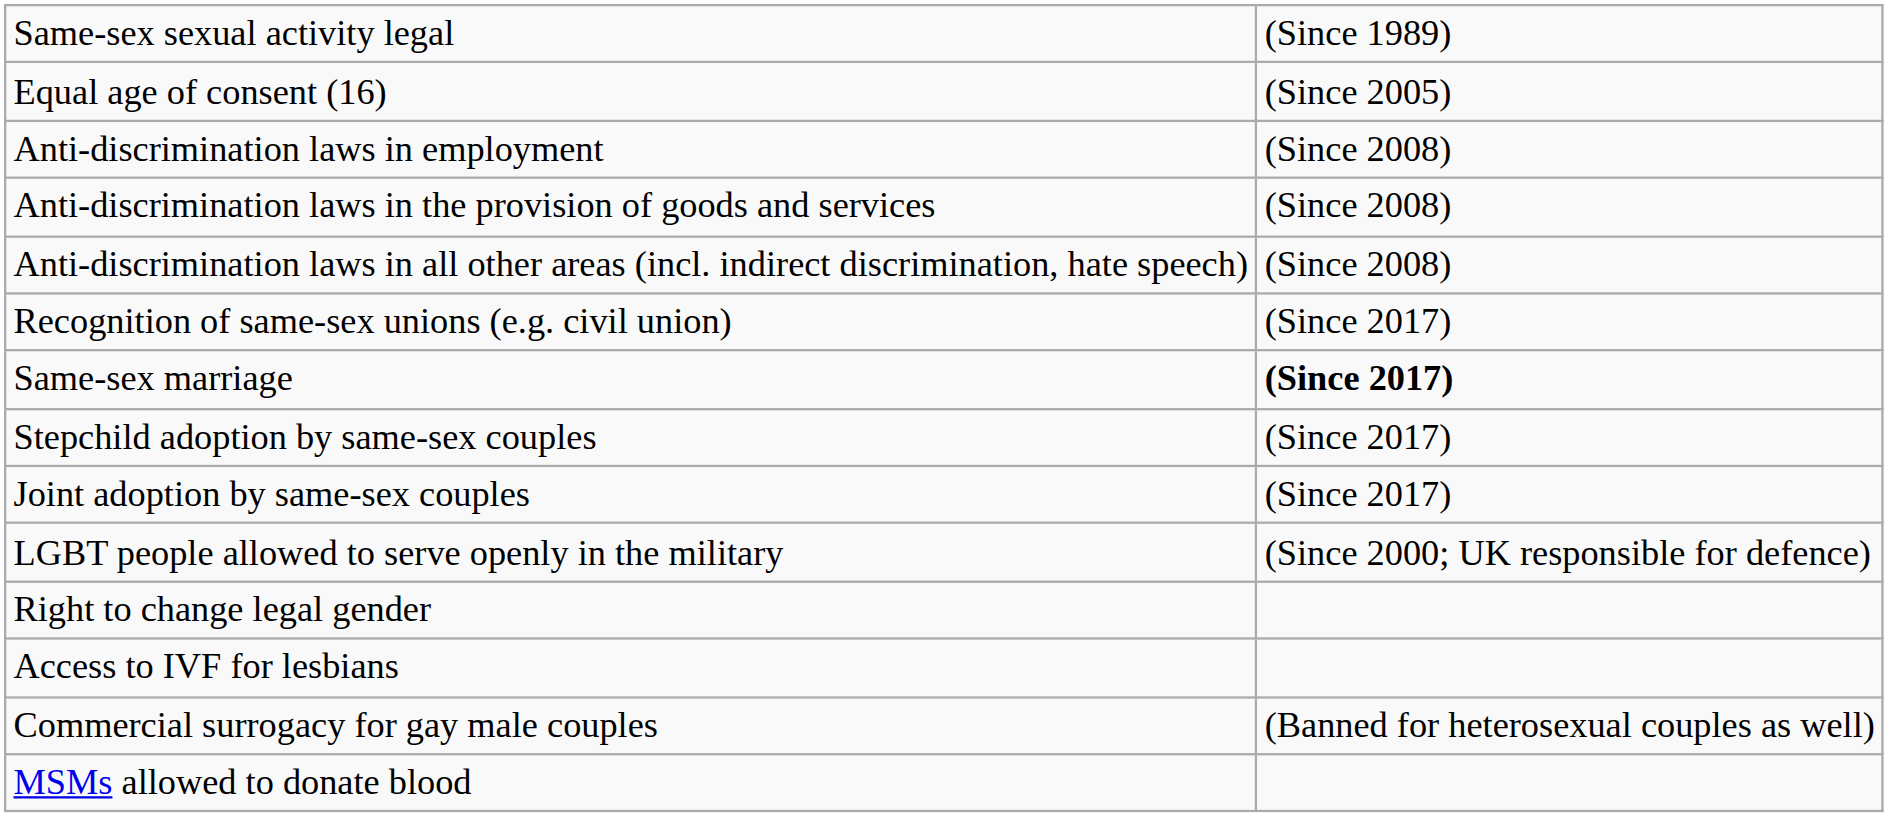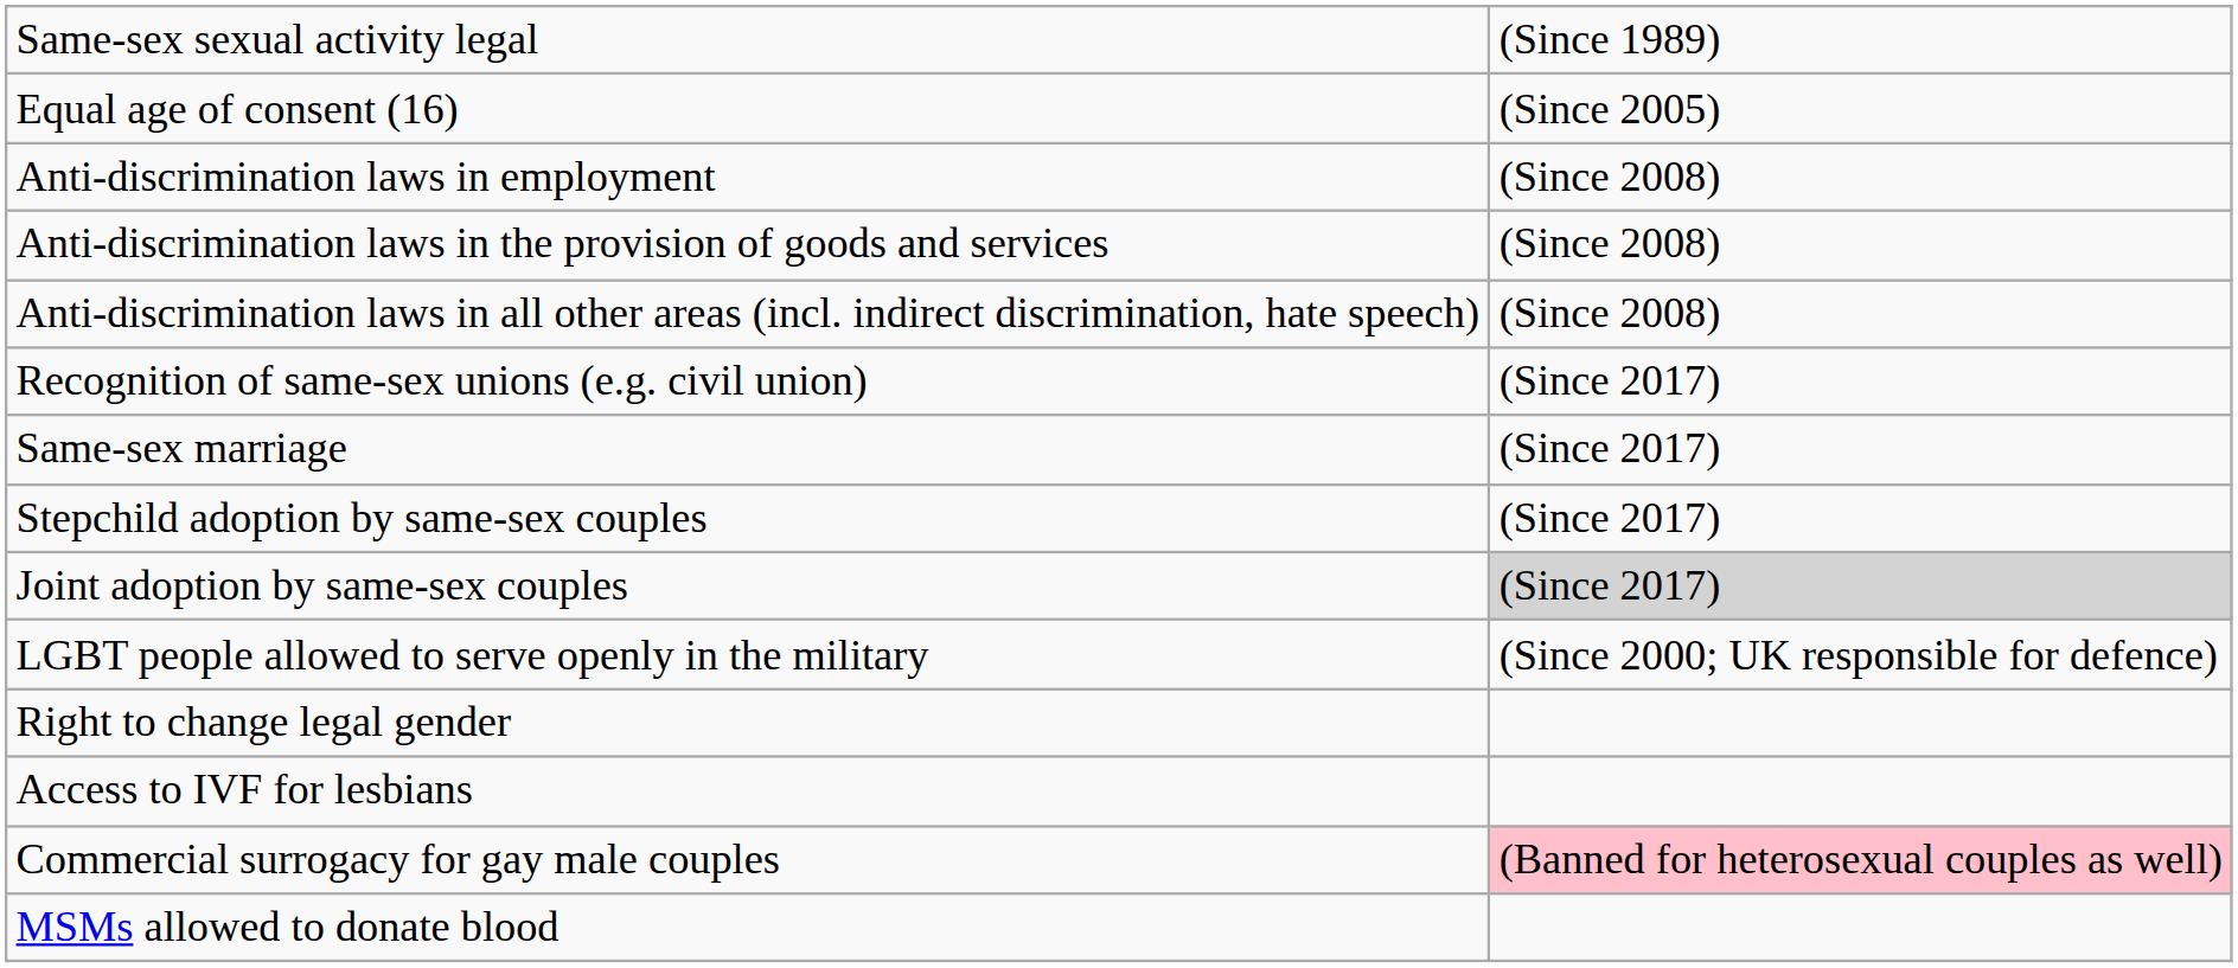 <table class="wikitable">
 <tr>
 <td>Same-sex sexual activity legal</td>
 <td> (Since 1989)</td>
 </tr>
 <tr>
 <td>Equal age of consent (16)</td>
 <td> (Since 2005)</td>
 </tr>
 <tr>
 <td>Anti-discrimination laws in employment</td>
 <td> (Since 2008)</td>
 </tr>
 <tr>
 <td>Anti-discrimination laws in the provision of goods and services</td>
 <td> (Since 2008)</td>
 </tr>
 <tr>
 <td>Anti-discrimination laws in all other areas (incl. indirect discrimination, hate speech)</td>
 <td> (Since 2008)</td>
 </tr>
 <tr>
 <td>Recognition of same-sex unions (e.g. civil union)</td>
 <td> (Since 2017)</td>
 </tr>
 <tr>
 <td>Same-sex marriage</td>
-<td><strong> (Since 2017)</strong></td>
+<td> (Since 2017)</td>
 </tr>
 <tr>
 <td>Stepchild adoption by same-sex couples</td>
 <td> (Since 2017)</td>
 </tr>
 <tr>
 <td>Joint adoption by same-sex couples</td>
-<td> (Since 2017)</td>
+<td style="background: lightgrey;"> (Since 2017)</td>
 </tr>
 <tr>
 <td>LGBT people allowed to serve openly in the military</td>
 <td> (Since 2000; UK responsible for defence)</td>
 </tr>
 <tr>
 <td>Right to change legal gender</td>
 <td></td>
 </tr>
 <tr>
 <td>Access to IVF for lesbians</td>
 <td></td>
 </tr>
 <tr>
 <td>Commercial surrogacy for gay male couples</td>
-<td> (Banned for heterosexual couples as well)</td>
+<td style="background: pink;"> (Banned for heterosexual couples as well)</td>
 </tr>
 <tr>
 <td><a href='#'>MSMs</a> allowed to donate blood</td>
 <td></td>
 </tr>
 </table>
